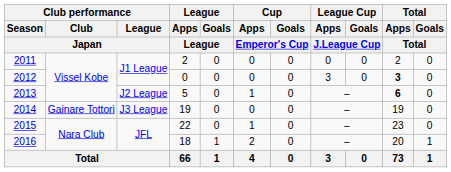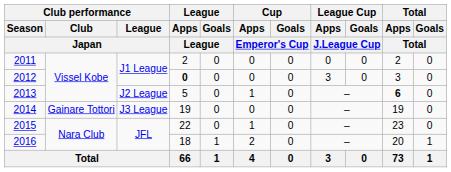 <table class="wikitable" style="text-align:center;">
 <tr>
 <th colspan=3>Club performance</th>
 <th colspan=2>League</th>
 <th colspan=2>Cup</th>
 <th colspan=2>League Cup</th>
 <th colspan=2>Total</th>
 </tr>
 <tr>
 <th>Season</th>
 <th>Club</th>
 <th>League</th>
 <th>Apps</th>
 <th>Goals</th>
 <th>Apps</th>
 <th>Goals</th>
 <th>Apps</th>
 <th>Goals</th>
 <th>Apps</th>
 <th>Goals</th>
 </tr>
 <tr>
 <th colspan=3>Japan</th>
 <th colspan=2>League</th>
 <th colspan=2><a href='#'>Emperor's Cup</a></th>
 <th colspan=2><a href='#'>J.League Cup</a></th>
 <th colspan=2>Total</th>
 </tr>
 <tr>
 <td><a href='#'>2011</a></td>
 <td rowspan="3"><a href='#'>Vissel Kobe</a></td>
 <td rowspan="2"><a href='#'>J1 League</a></td>
 <td>2</td>
 <td>0</td>
 <td>0</td>
 <td>0</td>
 <td>0</td>
 <td>0</td>
 <td>2</td>
 <td>0</td>
 </tr>
 <tr>
 <td><a href='#'>2012</a></td>
-<td>0</td>
+<td><strong>0</strong></td>
 <td>0</td>
 <td>0</td>
 <td>0</td>
 <td>3</td>
 <td>0</td>
-<td><strong>3</strong></td>
+<td>3</td>
 <td>0</td>
 </tr>
 <tr>
 <td><a href='#'>2013</a></td>
 <td><a href='#'>J2 League</a></td>
 <td>5</td>
 <td>0</td>
 <td>1</td>
 <td>0</td>
 <td colspan="2">–</td>
 <td><strong>6</strong></td>
 <td>0</td>
 </tr>
 <tr>
 <td><a href='#'>2014</a></td>
 <td><a href='#'>Gainare Tottori</a></td>
 <td><a href='#'>J3 League</a></td>
 <td>19</td>
 <td>0</td>
 <td>0</td>
 <td>0</td>
 <td colspan="2">–</td>
 <td>19</td>
 <td>0</td>
 </tr>
 <tr>
 <td><a href='#'>2015</a></td>
 <td rowspan="2"><a href='#'>Nara Club</a></td>
 <td rowspan="2"><a href='#'>JFL</a></td>
 <td>22</td>
 <td>0</td>
 <td>1</td>
 <td>0</td>
 <td colspan="2">–</td>
 <td>23</td>
 <td>0</td>
 </tr>
 <tr>
 <td><a href='#'>2016</a></td>
 <td>18</td>
 <td>1</td>
 <td>2</td>
 <td>0</td>
 <td colspan="2">–</td>
 <td>20</td>
 <td>1</td>
 </tr>
 <tr>
 <th colspan=3>Total</th>
 <th>66</th>
 <th>1</th>
 <th>4</th>
 <th>0</th>
 <th>3</th>
 <th>0</th>
 <th>73</th>
 <th>1</th>
 </tr>
 </table>
